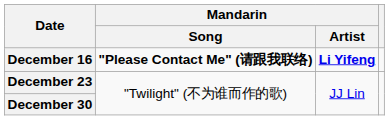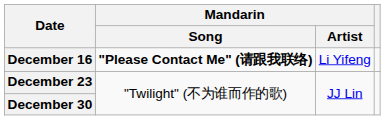 <table class="wikitable plainrowheaders" style="text-align:center">
 <tr>
 <th rowspan="2">Date</th>
 <th colspan="2">Mandarin</th>
 <th rowspan="2"></th>
 </tr>
 <tr>
 <th>Song</th>
 <th>Artist</th>
 </tr>
 <tr>
 <th scope="row">December 16</th>
 <td><strong>"Please Contact Me" (请跟我联络)</strong></td>
-<td><strong><a href='#'>Li Yifeng</a></strong></td>
+<td><a href='#'>Li Yifeng</a></td>
 <td></td>
 </tr>
 <tr>
 <th scope="row">December 23</th>
 <td rowspan="2">"Twilight" (不为谁而作的歌)</td>
 <td rowspan="2"><a href='#'>JJ Lin</a></td>
 <td rowspan="2"></td>
 </tr>
 <tr>
 <th scope="row">December 30</th>
 </tr>
 </table>
